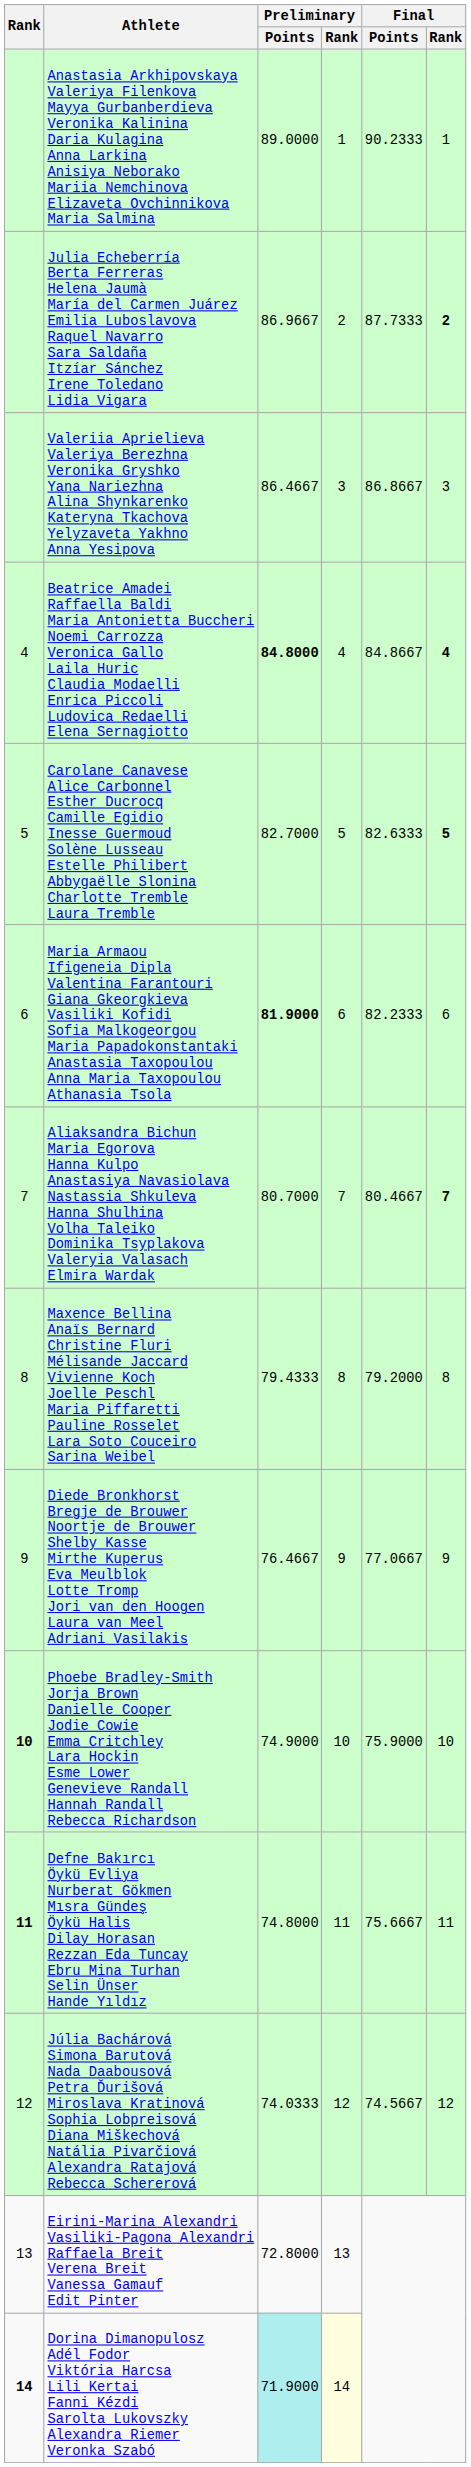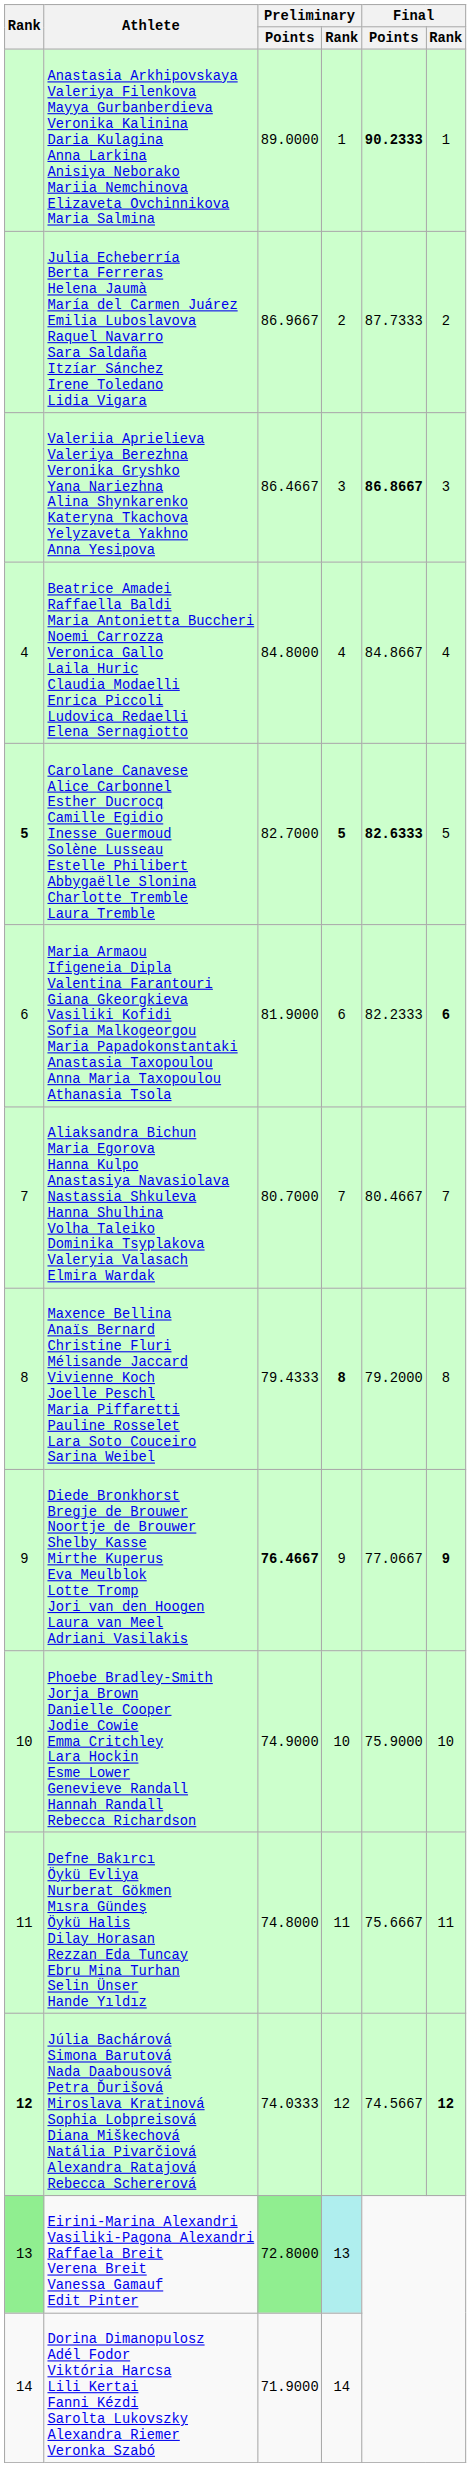 <table class="wikitable sortable" style="text-align:center">
 <tr>
 <th rowspan=2>Rank</th>
 <th rowspan=2>Athlete</th>
 <th colspan=2>Preliminary</th>
 <th colspan=2>Final</th>
 </tr>
 <tr>
 <th>Points</th>
 <th>Rank</th>
 <th>Points</th>
 <th>Rank</th>
 </tr>
 <tr bgcolor=ccffcc>
 <td></td>
 <td align=left><br><a href='#'>Anastasia Arkhipovskaya</a><br><a href='#'>Valeriya Filenkova</a><br><a href='#'>Mayya Gurbanberdieva</a><br><a href='#'>Veronika Kalinina</a><br><a href='#'>Daria Kulagina</a><br><a href='#'>Anna Larkina</a><br><a href='#'>Anisiya Neborako</a><br><a href='#'>Mariia Nemchinova</a><br><a href='#'>Elizaveta Ovchinnikova</a><br><a href='#'>Maria Salmina</a></td>
 <td>89.0000</td>
 <td>1</td>
-<td>90.2333</td>
+<td><strong>90.2333</strong></td>
 <td>1</td>
 </tr>
 <tr bgcolor=ccffcc>
 <td></td>
 <td align=left><br><a href='#'>Julia Echeberría</a><br><a href='#'>Berta Ferreras</a><br><a href='#'>Helena Jaumà</a> <br><a href='#'>María del Carmen Juárez</a> <br><a href='#'>Emilia Luboslavova</a><br><a href='#'>Raquel Navarro</a><br><a href='#'>Sara Saldaña</a><br><a href='#'>Itzíar Sánchez</a><br><a href='#'>Irene Toledano</a><br><a href='#'>Lidia Vigara</a></td>
 <td>86.9667</td>
 <td>2</td>
 <td>87.7333</td>
-<td><strong>2</strong></td>
+<td>2</td>
 </tr>
 <tr bgcolor=ccffcc>
 <td></td>
 <td align=left><br><a href='#'>Valeriia Aprielieva</a><br><a href='#'>Valeriya Berezhna</a><br><a href='#'>Veronika Gryshko</a><br><a href='#'>Yana Nariezhna</a><br><a href='#'>Alina Shynkarenko</a><br><a href='#'>Kateryna Tkachova</a><br><a href='#'>Yelyzaveta Yakhno</a><br><a href='#'>Anna Yesipova</a></td>
 <td>86.4667</td>
 <td>3</td>
-<td>86.8667</td>
+<td><strong>86.8667</strong></td>
 <td>3</td>
 </tr>
 <tr bgcolor=ccffcc>
 <td>4</td>
 <td align=left><br><a href='#'>Beatrice Amadei</a><br><a href='#'>Raffaella Baldi</a><br><a href='#'>Maria Antonietta Buccheri</a><br><a href='#'>Noemi Carrozza</a><br><a href='#'>Veronica Gallo</a><br><a href='#'>Laila Huric</a><br><a href='#'>Claudia Modaelli</a><br><a href='#'>Enrica Piccoli</a><br><a href='#'>Ludovica Redaelli</a><br><a href='#'>Elena Sernagiotto</a></td>
-<td><strong>84.8000</strong></td>
+<td>84.8000</td>
 <td>4</td>
 <td>84.8667</td>
-<td><strong>4</strong></td>
+<td>4</td>
 </tr>
 <tr bgcolor=ccffcc>
-<td>5</td>
+<td><strong>5</strong></td>
 <td align=left><br><a href='#'>Carolane Canavese</a><br><a href='#'>Alice Carbonnel</a><br><a href='#'>Esther Ducrocq</a><br><a href='#'>Camille Egidio</a><br><a href='#'>Inesse Guermoud</a><br><a href='#'>Solène Lusseau</a><br><a href='#'>Estelle Philibert</a><br><a href='#'>Abbygaëlle Slonina</a><br><a href='#'>Charlotte Tremble</a><br><a href='#'>Laura Tremble</a></td>
 <td>82.7000</td>
+<td><strong>5</strong></td>
+<td><strong>82.6333</strong></td>
 <td>5</td>
-<td>82.6333</td>
-<td><strong>5</strong></td>
 </tr>
 <tr bgcolor=ccffcc>
 <td>6</td>
 <td align=left><br><a href='#'>Maria Armaou</a><br> <a href='#'>Ifigeneia Dipla</a><br><a href='#'>Valentina Farantouri</a><br><a href='#'>Giana Gkeorgkieva</a><br><a href='#'>Vasiliki Kofidi</a><br><a href='#'>Sofia Malkogeorgou</a><br><a href='#'>Maria Papadokonstantaki</a><br><a href='#'>Anastasia Taxopoulou</a><br><a href='#'>Anna Maria Taxopoulou</a><br><a href='#'>Athanasia Tsola</a></td>
-<td><strong>81.9000</strong></td>
+<td>81.9000</td>
 <td>6</td>
 <td>82.2333</td>
-<td>6</td>
+<td><strong>6</strong></td>
 </tr>
 <tr bgcolor=ccffcc>
 <td>7</td>
 <td align=left><br><a href='#'>Aliaksandra Bichun</a><br><a href='#'>Maria Egorova</a><br><a href='#'>Hanna Kulpo</a><br><a href='#'>Anastasiya Navasiolava</a><br><a href='#'>Nastassia Shkuleva</a><br><a href='#'>Hanna Shulhina</a><br><a href='#'>Volha Taleiko</a><br><a href='#'>Dominika Tsyplakova</a><br><a href='#'>Valeryia Valasach</a><br><a href='#'>Elmira Wardak</a></td>
 <td>80.7000</td>
 <td>7</td>
 <td>80.4667</td>
-<td><strong>7</strong></td>
+<td>7</td>
 </tr>
 <tr bgcolor=ccffcc>
 <td>8</td>
 <td align=left><br><a href='#'>Maxence Bellina</a><br><a href='#'>Anaïs Bernard</a><br><a href='#'>Christine Fluri</a><br><a href='#'>Mélisande Jaccard</a><br><a href='#'>Vivienne Koch</a><br><a href='#'>Joelle Peschl</a><br><a href='#'>Maria Piffaretti</a><br><a href='#'>Pauline Rosselet</a><br><a href='#'>Lara Soto Couceiro</a><br><a href='#'>Sarina Weibel</a></td>
 <td>79.4333</td>
-<td>8</td>
+<td><strong>8</strong></td>
 <td>79.2000</td>
 <td>8</td>
 </tr>
 <tr bgcolor=ccffcc>
 <td>9</td>
 <td align=left><br><a href='#'>Diede Bronkhorst</a><br><a href='#'>Bregje de Brouwer</a><br><a href='#'>Noortje de Brouwer</a><br><a href='#'>Shelby Kasse</a><br><a href='#'>Mirthe Kuperus</a><br><a href='#'>Eva Meulblok</a><br><a href='#'>Lotte Tromp</a><br><a href='#'>Jori van den Hoogen</a><br><a href='#'>Laura van Meel</a><br><a href='#'>Adriani Vasilakis</a></td>
-<td>76.4667</td>
+<td><strong>76.4667</strong></td>
 <td>9</td>
 <td>77.0667</td>
-<td>9</td>
+<td><strong>9</strong></td>
 </tr>
 <tr bgcolor=ccffcc>
-<td><strong>10</strong></td>
+<td>10</td>
 <td align=left><br><a href='#'>Phoebe Bradley-Smith</a><br><a href='#'>Jorja Brown</a><br><a href='#'>Danielle Cooper</a><br><a href='#'>Jodie Cowie</a><br><a href='#'>Emma Critchley</a><br><a href='#'>Lara Hockin</a><br><a href='#'>Esme Lower</a><br><a href='#'>Genevieve Randall</a><br><a href='#'>Hannah Randall</a><br><a href='#'>Rebecca Richardson</a></td>
 <td>74.9000</td>
 <td>10</td>
 <td>75.9000</td>
 <td>10</td>
 </tr>
 <tr bgcolor=ccffcc>
-<td><strong>11</strong></td>
+<td>11</td>
 <td align=left><br><a href='#'>Defne Bakırcı</a><br><a href='#'>Öykü Evliya</a><br><a href='#'>Nurberat Gökmen</a><br><a href='#'>Mısra Gündeş</a><br><a href='#'>Öykü Halis</a><br><a href='#'>Dilay Horasan</a><br><a href='#'>Rezzan Eda Tuncay</a><br><a href='#'>Ebru Mina Turhan</a><br><a href='#'>Selin Ünser</a><br><a href='#'>Hande Yıldız</a></td>
 <td>74.8000</td>
 <td>11</td>
 <td>75.6667</td>
 <td>11</td>
 </tr>
 <tr bgcolor=ccffcc>
-<td>12</td>
+<td><strong>12</strong></td>
 <td align=left><br><a href='#'>Júlia Bachárová</a><br><a href='#'>Simona Barutová</a><br><a href='#'>Nada Daabousová</a><br><a href='#'>Petra Ďurišová</a><br><a href='#'>Miroslava Kratinová</a><br><a href='#'>Sophia Lobpreisová</a><br><a href='#'>Diana Miškechová</a><br><a href='#'>Natália Pivarčiová</a><br><a href='#'>Alexandra Ratajová</a><br><a href='#'>Rebecca Schererová</a></td>
 <td>74.0333</td>
 <td>12</td>
 <td>74.5667</td>
-<td>12</td>
+<td><strong>12</strong></td>
 </tr>
 <tr>
-<td>13</td>
+<td style="background: lightgreen;">13</td>
 <td align=left><br><a href='#'>Eirini-Marina Alexandri</a><br><a href='#'>Vasiliki-Pagona Alexandri</a><br><a href='#'>Raffaela Breit</a><br><a href='#'>Verena Breit</a><br><a href='#'>Vanessa Gamauf</a><br><a href='#'>Edit Pinter</a></td>
-<td>72.8000</td>
-<td>13</td>
+<td style="background: lightgreen;">72.8000</td>
+<td style="background: paleturquoise;">13</td>
 <td colspan=2 rowspan=2></td>
 </tr>
 <tr>
-<td><strong>14</strong></td>
+<td>14</td>
 <td align=left><br><a href='#'>Dorina Dimanopulosz</a><br><a href='#'>Adél Fodor</a><br><a href='#'>Viktória Harcsa</a><br><a href='#'>Lili Kertai</a><br><a href='#'>Fanni Kézdi</a><br><a href='#'>Sarolta Lukovszky</a><br><a href='#'>Alexandra Riemer</a><br><a href='#'>Veronka Szabó</a></td>
-<td style="background: paleturquoise;">71.9000</td>
-<td style="background: lightyellow;">14</td>
+<td>71.9000</td>
+<td>14</td>
 </tr>
 </table>
